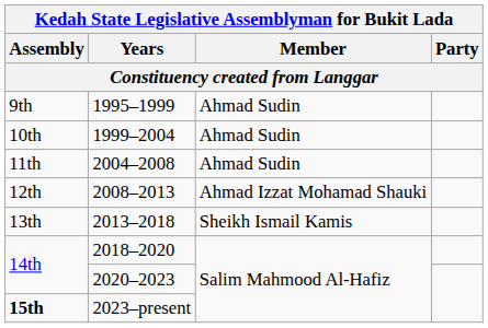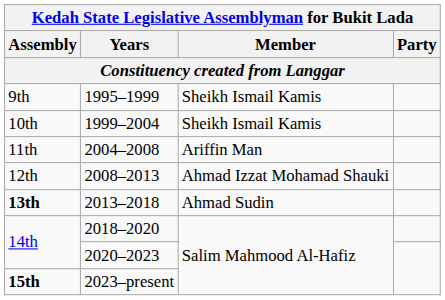 <table class="wikitable">
 <tr>
 <th colspan="4"><a href='#'>Kedah State Legislative Assemblyman</a> for Bukit Lada</th>
 </tr>
 <tr>
 <th>Assembly</th>
 <th>Years</th>
 <th>Member</th>
 <th>Party</th>
 </tr>
 <tr>
 <th colspan="4" align="center"><em>Constituency created from Langgar</em></th>
 </tr>
 <tr>
 <td>9th</td>
 <td>1995–1999</td>
-<td>Ahmad Sudin</td>
+<td>Sheikh Ismail Kamis</td>
 <td></td>
 </tr>
 <tr>
 <td>10th</td>
 <td>1999–2004</td>
-<td>Ahmad Sudin</td>
+<td>Sheikh Ismail Kamis</td>
 <td></td>
 </tr>
 <tr>
 <td>11th</td>
 <td>2004–2008</td>
-<td>Ahmad Sudin</td>
+<td>Ariffin Man</td>
 <td></td>
 </tr>
 <tr>
 <td>12th</td>
 <td>2008–2013</td>
 <td>Ahmad Izzat Mohamad Shauki</td>
 <td></td>
 </tr>
 <tr>
-<td>13th</td>
+<td><strong>13th</strong></td>
 <td>2013–2018</td>
-<td>Sheikh Ismail Kamis</td>
+<td>Ahmad Sudin</td>
 <td></td>
 </tr>
 <tr>
 <td rowspan="2"><a href='#'>14th</a></td>
 <td>2018–2020</td>
 <td rowspan="3">Salim Mahmood Al-Hafiz</td>
 <td></td>
 </tr>
 <tr>
 <td>2020–2023</td>
 <td rowspan="2"></td>
 </tr>
 <tr>
 <td><strong>15th</strong></td>
 <td>2023–present</td>
 </tr>
 </table>
